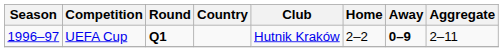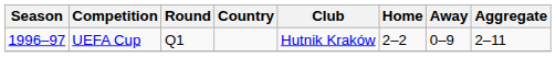 <table class="wikitable">
 <tr>
 <th>Season</th>
 <th>Competition</th>
 <th>Round</th>
 <th>Country</th>
 <th>Club</th>
 <th>Home</th>
 <th>Away</th>
 <th>Aggregate</th>
 </tr>
 <tr>
 <td><a href='#'>1996–97</a></td>
 <td><a href='#'>UEFA Cup</a></td>
-<td><strong>Q1</strong></td>
+<td>Q1</td>
 <td></td>
 <td><a href='#'>Hutnik Kraków</a></td>
 <td>2–2</td>
-<td><strong>0–9</strong></td>
+<td>0–9</td>
 <td>2–11</td>
 </tr>
 <tr>
 </tr>
 </table>
